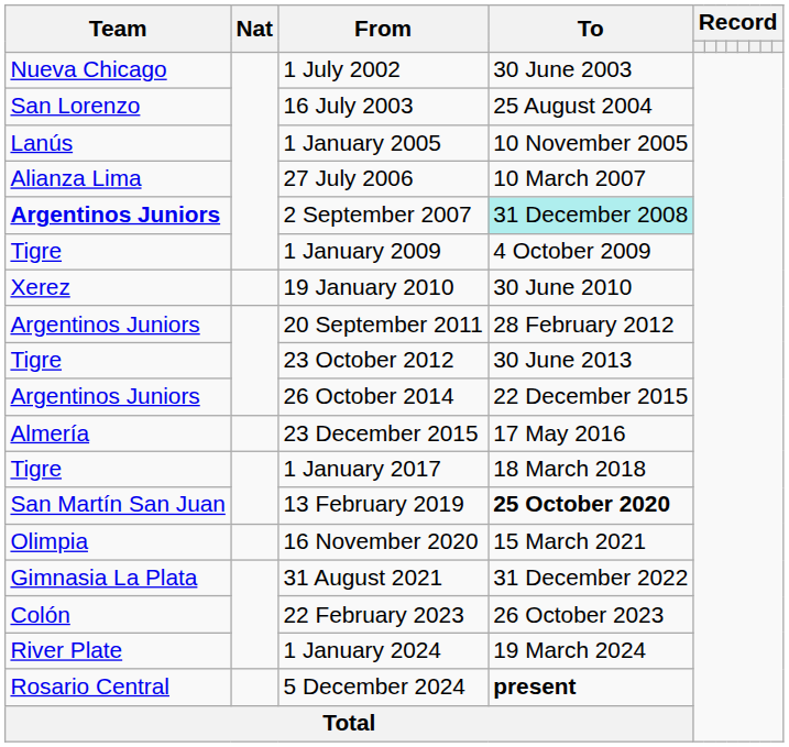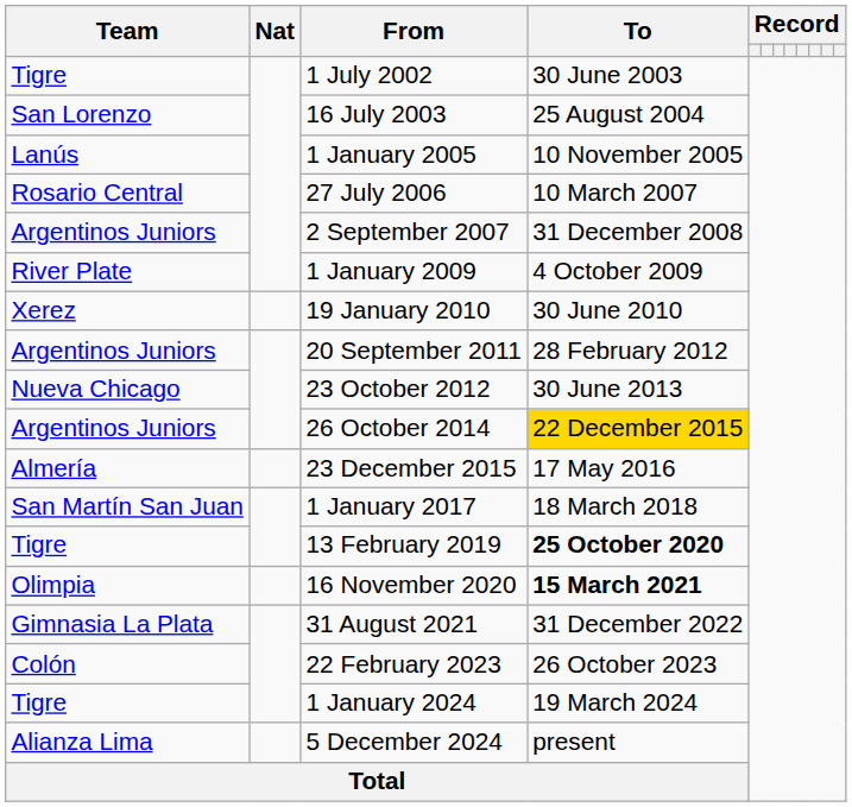 <table class="wikitable" style="text-align: center">
 <tr>
 <th rowspan="2">Team</th>
 <th rowspan="2">Nat</th>
 <th rowspan="2">From</th>
 <th rowspan="2">To</th>
 <th colspan="8">Record</th>
 </tr>
 <tr>
 <th></th>
 <th></th>
 <th></th>
 <th></th>
 <th></th>
 <th></th>
 <th></th>
 <th></th>
 </tr>
 <tr>
-<td align=left><a href='#'>Nueva Chicago</a></td>
+<td align=left><a href='#'>Tigre</a></td>
 <td rowspan="6"></td>
 <td align=left>1 July 2002</td>
 <td align=left>30 June 2003<br></td>
 </tr>
 <tr>
 <td align=left><a href='#'>San Lorenzo</a></td>
 <td align=left>16 July 2003</td>
 <td align=left>25 August 2004<br></td>
 </tr>
 <tr>
 <td align=left><a href='#'>Lanús</a></td>
 <td align=left>1 January 2005</td>
 <td align=left>10 November 2005<br></td>
 </tr>
 <tr>
-<td align=left><a href='#'>Alianza Lima</a></td>
+<td align=left><a href='#'>Rosario Central</a></td>
 <td align=left>27 July 2006</td>
 <td align=left>10 March 2007<br></td>
 </tr>
 <tr>
-<td align=left><strong><a href='#'>Argentinos Juniors</a></strong></td>
+<td align=left><a href='#'>Argentinos Juniors</a></td>
 <td align=left>2 September 2007</td>
-<td align=left style="background: paleturquoise;">31 December 2008<br></td>
+<td align=left>31 December 2008<br></td>
 </tr>
 <tr>
-<td align=left><a href='#'>Tigre</a></td>
+<td align=left><a href='#'>River Plate</a></td>
 <td align=left>1 January 2009</td>
 <td align=left>4 October 2009<br></td>
 </tr>
 <tr>
 <td align=left><a href='#'>Xerez</a></td>
 <td></td>
 <td align=left>19 January 2010</td>
 <td align=left>30 June 2010<br></td>
 </tr>
 <tr>
 <td align=left><a href='#'>Argentinos Juniors</a></td>
 <td rowspan="3"></td>
 <td align=left>20 September 2011</td>
 <td align=left>28 February 2012<br></td>
 </tr>
 <tr>
-<td align=left><a href='#'>Tigre</a></td>
+<td align=left><a href='#'>Nueva Chicago</a></td>
 <td align=left>23 October 2012</td>
 <td align=left>30 June 2013<br></td>
 </tr>
 <tr>
 <td align=left><a href='#'>Argentinos Juniors</a></td>
 <td align=left>26 October 2014</td>
-<td align=left>22 December 2015<br></td>
+<td align=left style="background: gold;">22 December 2015<br></td>
 </tr>
 <tr>
 <td align=left><a href='#'>Almería</a></td>
 <td></td>
 <td align=left>23 December 2015</td>
 <td align=left>17 May 2016<br></td>
 </tr>
 <tr>
-<td align=left><a href='#'>Tigre</a></td>
+<td align=left><a href='#'>San Martín San Juan</a></td>
 <td rowspan="2"></td>
 <td align=left>1 January 2017</td>
 <td align=left>18 March 2018<br></td>
 </tr>
 <tr>
-<td align=left><a href='#'>San Martín San Juan</a></td>
+<td align=left><a href='#'>Tigre</a></td>
 <td align=left>13 February 2019</td>
 <td align=left><strong>25 October 2020<br></strong></td>
 </tr>
 <tr>
 <td align=left><a href='#'>Olimpia</a></td>
 <td></td>
 <td align=left>16 November 2020</td>
-<td align=left>15 March 2021<br></td>
+<td align=left><strong>15 March 2021<br></strong></td>
 </tr>
 <tr>
 <td align=left><a href='#'>Gimnasia La Plata</a></td>
 <td rowspan="3"></td>
 <td align=left>31 August 2021</td>
 <td align=left>31 December 2022<br></td>
 </tr>
 <tr>
 <td align=left><a href='#'>Colón</a></td>
 <td align=left>22 February 2023</td>
 <td align=left>26 October 2023<br></td>
 </tr>
 <tr>
-<td align=left><a href='#'>River Plate</a></td>
+<td align=left><a href='#'>Tigre</a></td>
 <td align=left>1 January 2024</td>
 <td align=left>19 March 2024<br></td>
 </tr>
 <tr>
-<td align=left><a href='#'>Rosario Central</a></td>
+<td align=left><a href='#'>Alianza Lima</a></td>
 <td rowspan="1"></td>
 <td align=left>5 December 2024</td>
-<td align=left><strong>present<br></strong></td>
+<td align=left>present<br></td>
 </tr>
 <tr>
 <th colspan="4">Total<br></th>
 </tr>
 </table>
